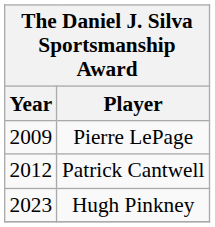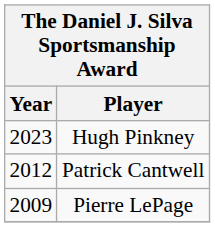 <table class="wikitable" style="display: inline-table; margin-right: 20px; text-align:center">
 <tr>
 <th scope="col" colspan="2" style="width: 145px;">The Daniel J. Silva Sportsmanship Award</th>
 </tr>
 <tr>
 <th scope="col">Year</th>
 <th scope="col">Player</th>
 </tr>
 <tr>
-<td>2009</td>
-<td>Pierre LePage</td>
+<td>2023</td>
+<td>Hugh Pinkney</td>
 </tr>
 <tr>
 <td>2012</td>
 <td>Patrick Cantwell</td>
 </tr>
 <tr>
-<td>2023</td>
-<td>Hugh Pinkney</td>
+<td>2009</td>
+<td>Pierre LePage</td>
 </tr>
 <tr>
 </tr>
 </table>
